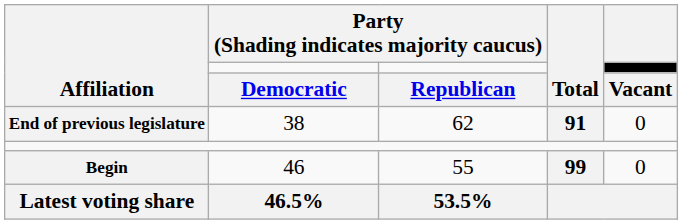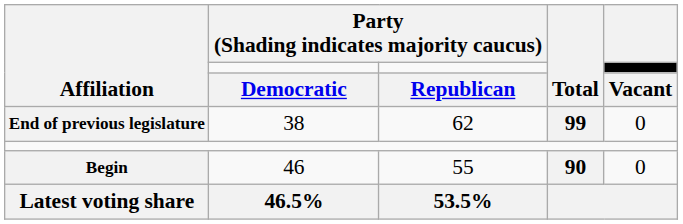 <table class=wikitable style="text-align:center">
 <tr style="vertical-align:bottom;">
 <th rowspan=3>Affiliation</th>
 <th colspan=2>Party <div>(Shading indicates majority caucus)</div></th>
 <th rowspan=3>Total</th>
 <th></th>
 </tr>
 <tr style="height:5px">
 <td style="background-color:"></td>
 <td style="background-color:"></td>
 <td style="background-color:black"></td>
 </tr>
 <tr>
 <th><a href='#'>Democratic</a></th>
 <th><a href='#'>Republican</a></th>
 <th>Vacant</th>
 </tr>
 <tr>
 <th nowrap style="font-size:80%">End of previous legislature</th>
 <td>38</td>
 <td>62</td>
-<th>91</th>
+<th>99</th>
 <td>0</td>
 </tr>
 <tr>
 <td colspan=5></td>
 </tr>
 <tr>
 <th nowrap style="font-size:80%">Begin</th>
 <td>46</td>
 <td>55</td>
-<th>99</th>
+<th>90</th>
 <td>0</td>
 </tr>
 <tr>
 <th>Latest voting share</th>
 <th>46.5%</th>
 <th>53.5%</th>
 <th colspan=2></th>
 </tr>
 </table>
